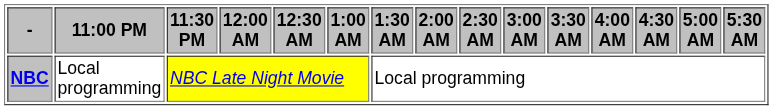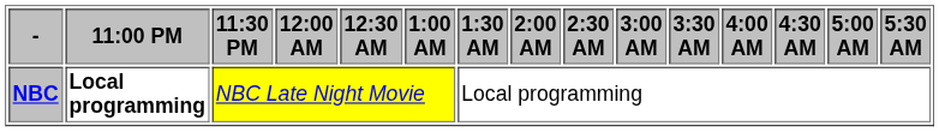 <table border="1" cellpadding="2">
 <tr>
 <th bgcolor="#C0C0C0">-</th>
 <th width="13%" bgcolor="#C0C0C0">11:00 PM</th>
 <th width="14%" bgcolor="#C0C0C0">11:30 PM</th>
 <th width="13%" bgcolor="#C0C0C0">12:00 AM</th>
 <th width="14%" bgcolor="#C0C0C0">12:30 AM</th>
 <th width="13%" bgcolor="#C0C0C0">1:00 AM</th>
 <th width="14%" bgcolor="#C0C0C0">1:30 AM</th>
 <th width="13%" bgcolor="#C0C0C0">2:00 AM</th>
 <th width="14%" bgcolor="#C0C0C0">2:30 AM</th>
 <th width="13%" bgcolor="#C0C0C0">3:00 AM</th>
 <th width="14%" bgcolor="#C0C0C0">3:30 AM</th>
 <th width="13%" bgcolor="#C0C0C0">4:00 AM</th>
 <th width="14%" bgcolor="#C0C0C0">4:30 AM</th>
 <th width="13%" bgcolor="#C0C0C0">5:00 AM</th>
 <th width="14%" bgcolor="#C0C0C0">5:30 AM</th>
 </tr>
 <tr>
 <th bgcolor="#C0C0C0"><a href='#'>NBC</a></th>
-<td bgcolor="white">Local programming</td>
+<td bgcolor="white"><strong>Local programming</strong></td>
 <td bgcolor="yellow" colspan="4"><em><a href='#'>NBC Late Night Movie</a> </em></td>
 <td bgcolor="white" colspan="9">Local programming</td>
 </tr>
 </table>
